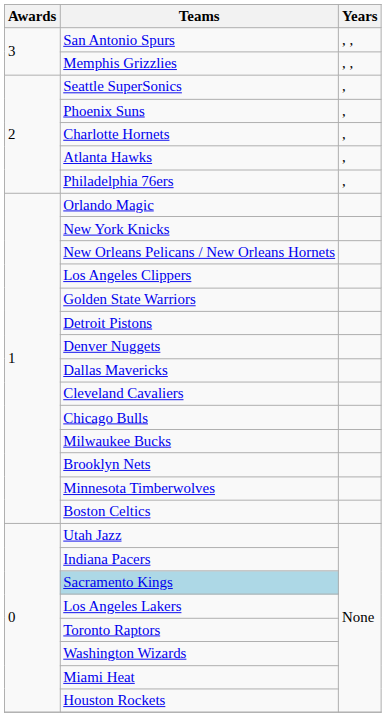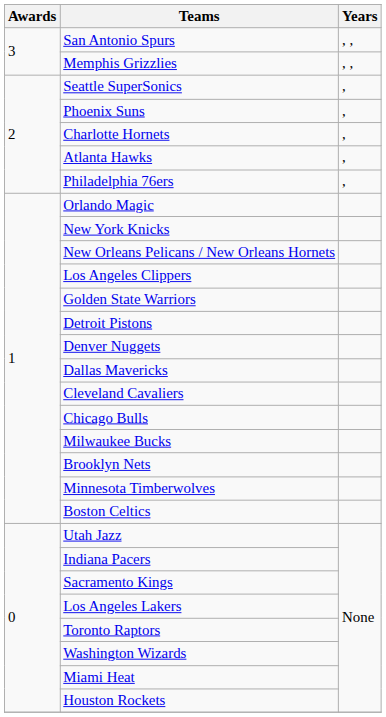 <table class="wikitable">
 <tr>
 <th>Awards</th>
 <th>Teams</th>
 <th>Years</th>
 </tr>
 <tr>
 <td rowspan=2>3</td>
 <td><a href='#'>San Antonio Spurs</a></td>
 <td>, , </td>
 </tr>
 <tr>
 <td><a href='#'>Memphis Grizzlies</a></td>
 <td>, , </td>
 </tr>
 <tr>
 <td rowspan=5>2</td>
 <td><a href='#'>Seattle SuperSonics</a></td>
 <td>, </td>
 </tr>
 <tr>
 <td><a href='#'>Phoenix Suns</a></td>
 <td>, </td>
 </tr>
 <tr>
 <td><a href='#'>Charlotte Hornets</a></td>
 <td>, </td>
 </tr>
 <tr>
 <td><a href='#'>Atlanta Hawks</a></td>
 <td>, </td>
 </tr>
 <tr>
 <td><a href='#'>Philadelphia 76ers</a></td>
 <td>, </td>
 </tr>
 <tr>
 <td rowspan=14>1</td>
 <td><a href='#'>Orlando Magic</a></td>
 <td></td>
 </tr>
 <tr>
 <td><a href='#'>New York Knicks</a></td>
 <td></td>
 </tr>
 <tr>
 <td><a href='#'>New Orleans Pelicans / New Orleans Hornets</a></td>
 <td></td>
 </tr>
 <tr>
 <td><a href='#'>Los Angeles Clippers</a></td>
 <td></td>
 </tr>
 <tr>
 <td><a href='#'>Golden State Warriors</a></td>
 <td></td>
 </tr>
 <tr>
 <td><a href='#'>Detroit Pistons</a></td>
 <td></td>
 </tr>
 <tr>
 <td><a href='#'>Denver Nuggets</a></td>
 <td></td>
 </tr>
 <tr>
 <td><a href='#'>Dallas Mavericks</a></td>
 <td></td>
 </tr>
 <tr>
 <td><a href='#'>Cleveland Cavaliers</a></td>
 <td></td>
 </tr>
 <tr>
 <td><a href='#'>Chicago Bulls</a></td>
 <td></td>
 </tr>
 <tr>
 <td><a href='#'>Milwaukee Bucks</a></td>
 <td></td>
 </tr>
 <tr>
 <td><a href='#'>Brooklyn Nets</a></td>
 <td></td>
 </tr>
 <tr>
 <td><a href='#'>Minnesota Timberwolves</a></td>
 <td></td>
 </tr>
 <tr>
 <td><a href='#'>Boston Celtics</a></td>
 <td></td>
 </tr>
 <tr>
 <td rowspan="8">0</td>
 <td><a href='#'>Utah Jazz</a></td>
 <td rowspan="8">None</td>
 </tr>
 <tr>
 <td><a href='#'>Indiana Pacers</a></td>
 </tr>
 <tr>
-<td style="background: lightblue;"><a href='#'>Sacramento Kings</a></td>
+<td><a href='#'>Sacramento Kings</a></td>
 </tr>
 <tr>
 <td><a href='#'>Los Angeles Lakers</a></td>
 </tr>
 <tr>
 <td><a href='#'>Toronto Raptors</a></td>
 </tr>
 <tr>
 <td><a href='#'>Washington Wizards</a></td>
 </tr>
 <tr>
 <td><a href='#'>Miami Heat</a></td>
 </tr>
 <tr>
 <td><a href='#'>Houston Rockets</a></td>
 </tr>
 <tr>
 </tr>
 </table>
